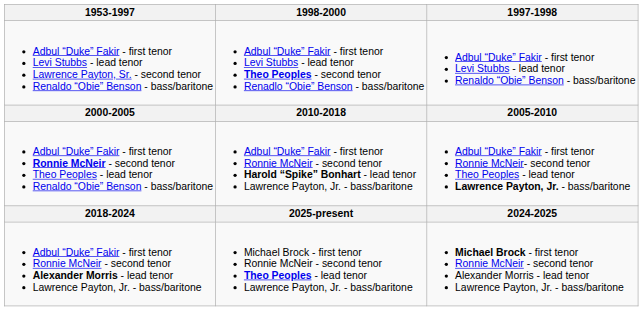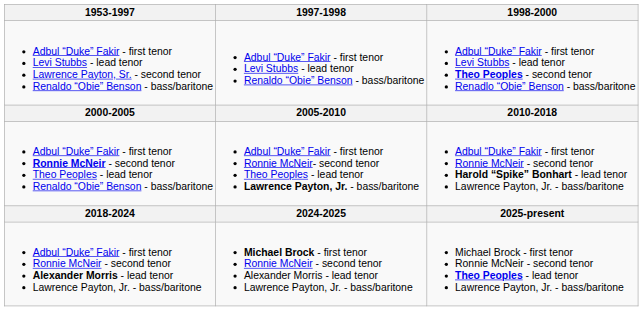 <table class="wikitable">
 <tr>
 <th>1953-1997</th>
+<th>1997-1998</th>
 <th>1998-2000</th>
-<th>1997-1998</th>
 </tr>
 <tr>
 <td><br><ul><li><a href='#'>Adbul “Duke” Fakir</a> - first tenor</li><li><a href='#'>Levi Stubbs</a> - lead tenor</li><li><a href='#'>Lawrence Payton, Sr.</a> - second tenor</li><li><a href='#'>Renaldo “Obie” Benson</a> - bass/baritone</li></ul></td>
+<td><br><ul><li><a href='#'>Adbul “Duke” Fakir</a> - first tenor</li><li><a href='#'>Levi Stubbs</a> - lead tenor</li><li><a href='#'>Renaldo “Obie” Benson</a> - bass/baritone</li></ul></td>
 <td><br><ul><li><a href='#'>Adbul “Duke” Fakir</a> - first tenor</li><li><a href='#'>Levi Stubbs</a> - lead tenor</li><li><strong><a href='#'>Theo Peoples</a></strong> - second tenor</li><li><a href='#'>Renadlo “Obie” Benson</a> - bass/baritone</li></ul></td>
-<td><br><ul><li><a href='#'>Adbul “Duke” Fakir</a> - first tenor</li><li><a href='#'>Levi Stubbs</a> - lead tenor</li><li><a href='#'>Renaldo “Obie” Benson</a> - bass/baritone</li></ul></td>
 </tr>
 <tr>
 <th>2000-2005</th>
+<th>2005-2010</th>
 <th>2010-2018</th>
-<th>2005-2010</th>
 </tr>
 <tr>
 <td><br><ul><li><a href='#'>Adbul “Duke” Fakir</a> - first tenor</li><li><strong><a href='#'>Ronnie McNeir</a></strong> - second tenor</li><li><a href='#'>Theo Peoples</a> - lead tenor</li><li><a href='#'>Renaldo “Obie” Benson</a> - bass/baritone</li></ul></td>
+<td><br><ul><li><a href='#'>Adbul “Duke” Fakir</a> - first tenor</li><li><a href='#'>Ronnie McNeir</a>- second tenor</li><li><a href='#'>Theo Peoples</a> - lead tenor</li><li><strong>Lawrence Payton, Jr.</strong> - bass/baritone</li></ul></td>
 <td><br><ul><li><a href='#'>Adbul “Duke” Fakir</a> - first tenor</li><li><a href='#'>Ronnie McNeir</a> - second tenor</li><li><strong>Harold “Spike” Bonhart</strong> - lead tenor</li><li>Lawrence Payton, Jr. - bass/baritone</li></ul></td>
-<td><br><ul><li><a href='#'>Adbul “Duke” Fakir</a> - first tenor</li><li><a href='#'>Ronnie McNeir</a>- second tenor</li><li><a href='#'>Theo Peoples</a> - lead tenor</li><li><strong>Lawrence Payton, Jr.</strong> - bass/baritone</li></ul></td>
 </tr>
 <tr>
 <th>2018-2024</th>
+<th>2024-2025</th>
 <th>2025-present</th>
-<th>2024-2025</th>
 </tr>
 <tr>
 <td><br><ul><li><a href='#'>Adbul “Duke” Fakir</a> - first tenor</li><li><a href='#'>Ronnie McNeir</a> - second tenor</li><li><strong>Alexander Morris</strong> - lead tenor</li><li>Lawrence Payton, Jr. - bass/baritone</li></ul></td>
+<td><br><ul><li><strong>Michael Brock</strong> - first tenor</li><li><a href='#'>Ronnie McNeir</a> - second tenor</li><li>Alexander Morris - lead tenor</li><li>Lawrence Payton, Jr. - bass/baritone</li></ul></td>
 <td><br><ul><li>Michael Brock - first tenor</li><li>Ronnie McNeir - second tenor</li><li><strong><a href='#'>Theo Peoples</a></strong> - lead tenor</li><li>Lawrence Payton, Jr. - bass/baritone</li></ul></td>
-<td><br><ul><li><strong>Michael Brock</strong> - first tenor</li><li><a href='#'>Ronnie McNeir</a> - second tenor</li><li>Alexander Morris - lead tenor</li><li>Lawrence Payton, Jr. - bass/baritone</li></ul></td>
 </tr>
 </table>
